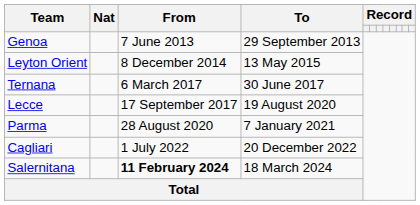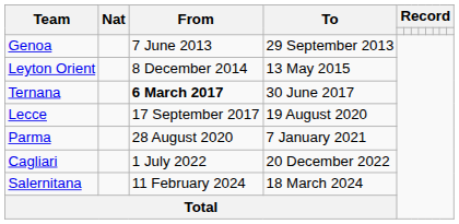 <table class="wikitable" style="text-align:center">
 <tr>
 <th rowspan="2">Team</th>
 <th rowspan="2">Nat</th>
 <th rowspan="2">From</th>
 <th rowspan="2">To</th>
 <th colspan=8>Record</th>
 </tr>
 <tr>
 <th></th>
 <th></th>
 <th></th>
 <th></th>
 <th></th>
 <th></th>
 <th></th>
 <th></th>
 </tr>
 <tr>
 <td align=left><a href='#'>Genoa</a></td>
 <td></td>
 <td align=left>7 June 2013</td>
 <td align=left>29 September 2013<br></td>
 </tr>
 <tr>
 <td align=left><a href='#'>Leyton Orient</a></td>
 <td></td>
 <td align=left>8 December 2014</td>
 <td align=left>13 May 2015<br></td>
 </tr>
 <tr>
 <td align=left><a href='#'>Ternana</a></td>
 <td></td>
-<td align=left>6 March 2017</td>
+<td align=left><strong>6 March 2017</strong></td>
 <td align=left>30 June 2017<br></td>
 </tr>
 <tr>
 <td align=left><a href='#'>Lecce</a></td>
 <td></td>
 <td align=left>17 September 2017</td>
 <td align=left>19 August 2020<br></td>
 </tr>
 <tr>
 <td align=left><a href='#'>Parma</a></td>
 <td></td>
 <td align=left>28 August 2020</td>
 <td align=left>7 January 2021<br></td>
 </tr>
 <tr>
 <td align=left><a href='#'>Cagliari</a></td>
 <td></td>
 <td align=left>1 July 2022</td>
 <td align=left>20 December 2022<br></td>
 </tr>
 <tr>
 <td align=left><a href='#'>Salernitana</a></td>
 <td></td>
-<td align=left><strong>11 February 2024</strong></td>
+<td align=left>11 February 2024</td>
 <td align=left>18 March 2024<br></td>
 </tr>
 <tr>
 <th colspan="4">Total<br></th>
 </tr>
 </table>
